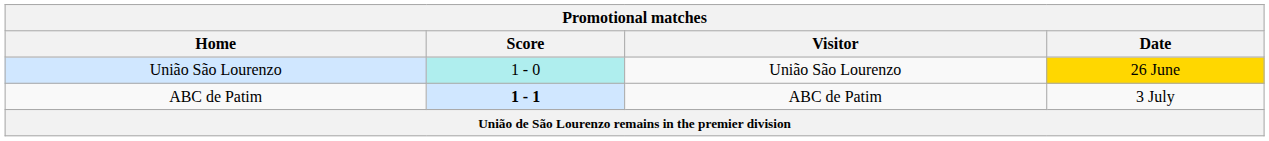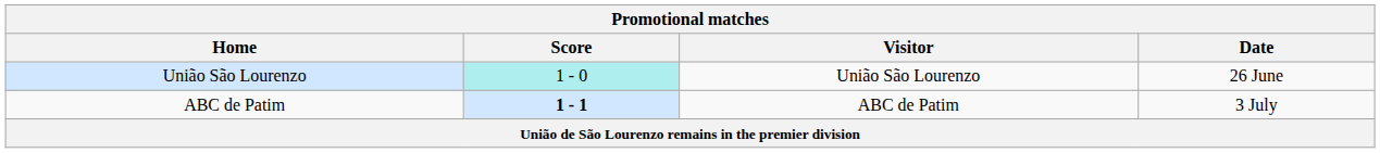 <table class="wikitable" style="margin:1em auto; font-size:95%; text-align: center; width: 95%;">
 <tr>
 <th colspan="12" style="with:100%;">Promotional matches</th>
 </tr>
 <tr>
 <th style="width:200px;">Home</th>
 <th width="90">Score</th>
 <th style="width:200px;">Visitor</th>
 <th style="width:100px;">Date</th>
 </tr>
 <tr>
 <td bgcolor=#D0E7FF>União São Lourenzo</td>
 <td style="background: paleturquoise;">1 - 0</td>
 <td>União São Lourenzo</td>
-<td style="background: gold;">26 June</td>
+<td>26 June</td>
 </tr>
 <tr>
 <td>ABC de Patim</td>
 <td bgcolor=#D0E7FF><strong> 1 - 1</strong></td>
 <td>ABC de Patim</td>
 <td>3 July</td>
 </tr>
 <tr>
 <th colspan=4><small>União de São Lourenzo remains in the premier division</small></th>
 </tr>
 </table>
